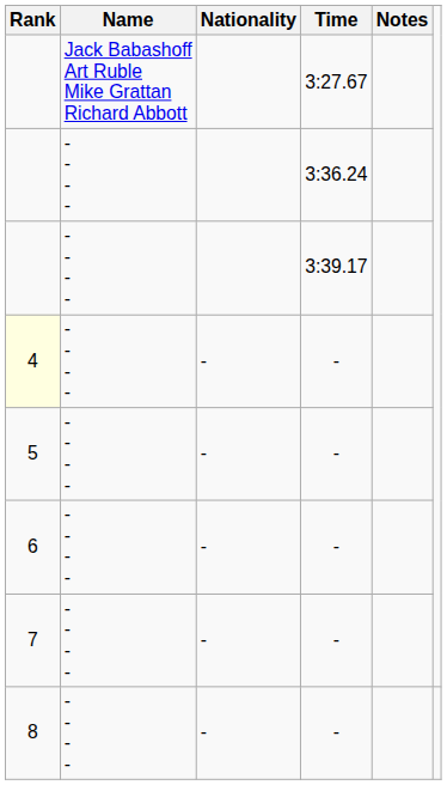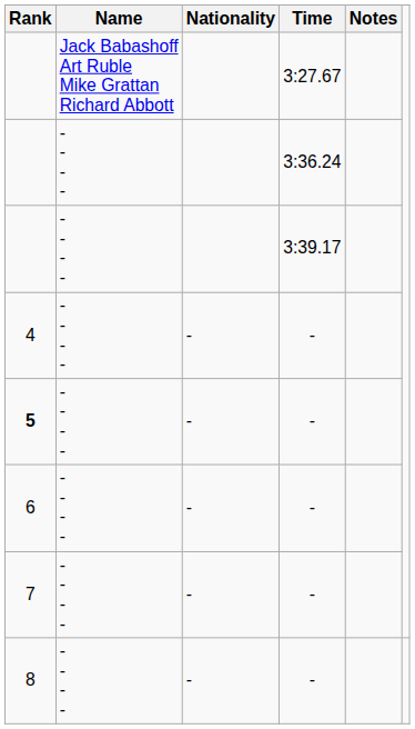 <table class="wikitable sortable" style="text-align:center">
 <tr>
 <th>Rank</th>
 <th>Name</th>
 <th>Nationality</th>
 <th>Time</th>
 <th>Notes</th>
 </tr>
 <tr>
 <td></td>
 <td align=left><a href='#'>Jack Babashoff</a> <br> <a href='#'>Art Ruble</a> <br> <a href='#'>Mike Grattan</a> <br> <a href='#'>Richard Abbott</a></td>
 <td align=left></td>
 <td>3:27.67</td>
 <td></td>
 </tr>
 <tr>
 <td></td>
 <td align=left>- <br> - <br> - <br> -</td>
 <td align=left></td>
 <td>3:36.24</td>
 <td></td>
 </tr>
 <tr>
 <td></td>
 <td align=left>- <br> - <br> - <br> -</td>
 <td align=left></td>
 <td>3:39.17</td>
 <td></td>
 </tr>
 <tr>
-<td style="background: lightyellow;">4</td>
+<td>4</td>
 <td align=left>- <br> - <br> - <br> -</td>
 <td align=left>-</td>
 <td>-</td>
 <td></td>
 </tr>
 <tr>
-<td>5</td>
+<td><strong>5</strong></td>
 <td align=left>- <br> - <br> - <br> -</td>
 <td align=left>-</td>
 <td>-</td>
 <td></td>
 </tr>
 <tr>
 <td>6</td>
 <td align=left>- <br> - <br> - <br> -</td>
 <td align=left>-</td>
 <td>-</td>
 <td></td>
 </tr>
 <tr>
 <td>7</td>
 <td align=left>- <br> - <br> - <br> -</td>
 <td align=left>-</td>
 <td>-</td>
 <td></td>
 </tr>
 <tr>
 <td>8</td>
 <td align=left>- <br> - <br> - <br> -</td>
 <td align=left>-</td>
 <td>-</td>
 <td></td>
 <td></td>
 </tr>
 </table>
